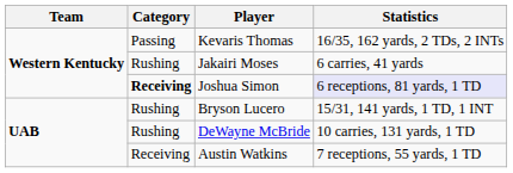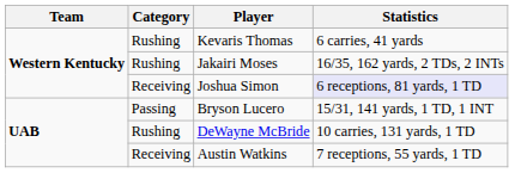 <table class="wikitable" style="float: left;">
 <tr>
 <th>Team</th>
 <th>Category</th>
 <th>Player</th>
 <th>Statistics</th>
 </tr>
 <tr>
 <td rowspan=3><strong>Western Kentucky</strong></td>
-<td>Passing</td>
+<td>Rushing</td>
 <td>Kevaris Thomas</td>
-<td>16/35, 162 yards, 2 TDs, 2 INTs</td>
+<td>6 carries, 41 yards</td>
 </tr>
 <tr>
 <td>Rushing</td>
 <td>Jakairi Moses</td>
-<td>6 carries, 41 yards</td>
+<td>16/35, 162 yards, 2 TDs, 2 INTs</td>
 </tr>
 <tr>
-<td><strong>Receiving</strong></td>
+<td>Receiving</td>
 <td>Joshua Simon</td>
 <td style="background: lavender;">6 receptions, 81 yards, 1 TD</td>
 </tr>
 <tr>
 <td rowspan=3><strong>UAB</strong></td>
-<td>Rushing</td>
+<td>Passing</td>
 <td>Bryson Lucero</td>
 <td>15/31, 141 yards, 1 TD, 1 INT</td>
 </tr>
 <tr>
 <td>Rushing</td>
 <td><a href='#'>DeWayne McBride</a></td>
 <td>10 carries, 131 yards, 1 TD</td>
 </tr>
 <tr>
 <td>Receiving</td>
 <td>Austin Watkins</td>
 <td>7 receptions, 55 yards, 1 TD</td>
 </tr>
 </table>
